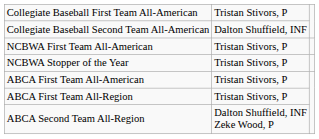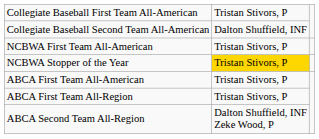 <table class="wikitable">
 <tr>
 <td>Collegiate Baseball First Team All-American</td>
 <td>Tristan Stivors, P</td>
 <td rowspan=2></td>
 </tr>
 <tr>
 <td>Collegiate Baseball Second Team All-American</td>
 <td>Dalton Shuffield, INF</td>
 </tr>
 <tr>
 <td>NCBWA First Team All-American</td>
 <td>Tristan Stivors, P</td>
 <td></td>
 </tr>
 <tr>
 <td>NCBWA Stopper of the Year</td>
-<td>Tristan Stivors, P</td>
+<td style="background: gold;">Tristan Stivors, P</td>
 <td></td>
 </tr>
 <tr>
 <td>ABCA First Team All-American</td>
 <td>Tristan Stivors, P</td>
 <td rowspan=3></td>
 </tr>
 <tr>
 <td>ABCA First Team All-Region</td>
 <td>Tristan Stivors, P</td>
 </tr>
 <tr>
 <td>ABCA Second Team All-Region</td>
 <td>Dalton Shuffield, INF<br>Zeke Wood, P</td>
 </tr>
 </table>
